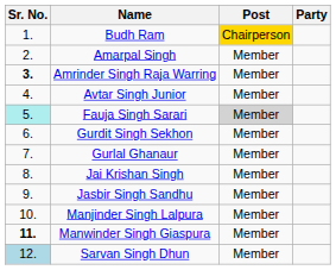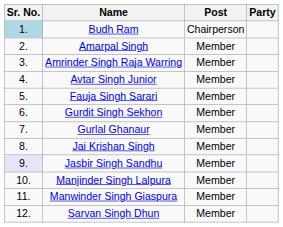 <table class="wikitable">
 <tr>
 <th>Sr. No.</th>
 <th>Name</th>
 <th>Post</th>
 <th colspan="2">Party</th>
 </tr>
 <tr align="center">
-<td>1.</td>
+<td style="background: lightblue;">1.</td>
 <td><a href='#'>Budh Ram</a></td>
-<td style="background: gold;">Chairperson</td>
+<td>Chairperson</td>
 <td></td>
 </tr>
 <tr align="center">
 <td>2.</td>
 <td><a href='#'>Amarpal Singh</a></td>
 <td>Member</td>
 <td></td>
 </tr>
 <tr align="center">
-<td><strong>3.</strong></td>
+<td>3.</td>
 <td><a href='#'>Amrinder Singh Raja Warring</a></td>
 <td>Member</td>
 <td></td>
 </tr>
 <tr align="center">
 <td>4.</td>
 <td><a href='#'>Avtar Singh Junior</a></td>
 <td>Member</td>
 <td></td>
 </tr>
 <tr align="center">
-<td style="background: paleturquoise;">5.</td>
+<td>5.</td>
 <td><a href='#'>Fauja Singh Sarari</a></td>
-<td style="background: lightgrey;">Member</td>
+<td>Member</td>
 <td></td>
 </tr>
 <tr align="center">
 <td>6.</td>
 <td><a href='#'>Gurdit Singh Sekhon</a></td>
 <td>Member</td>
 <td></td>
 </tr>
 <tr align="center">
 <td>7.</td>
 <td><a href='#'>Gurlal Ghanaur</a></td>
 <td>Member</td>
 <td></td>
 </tr>
 <tr align="center">
 <td>8.</td>
 <td><a href='#'>Jai Krishan Singh</a></td>
 <td>Member</td>
 <td></td>
 </tr>
 <tr align="center">
-<td>9.</td>
+<td style="background: lavender;">9.</td>
 <td><a href='#'>Jasbir Singh Sandhu</a></td>
 <td>Member</td>
 <td></td>
 </tr>
 <tr align="center">
 <td>10.</td>
 <td><a href='#'>Manjinder Singh Lalpura</a></td>
 <td>Member</td>
 <td></td>
 </tr>
 <tr align="center">
-<td><strong>11.</strong></td>
+<td>11.</td>
 <td><a href='#'>Manwinder Singh Giaspura</a></td>
 <td>Member</td>
 <td></td>
 </tr>
 <tr align="center">
-<td style="background: lightblue;">12.</td>
+<td>12.</td>
 <td><a href='#'>Sarvan Singh Dhun</a></td>
 <td>Member</td>
 <td></td>
 </tr>
 </table>
